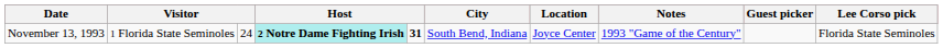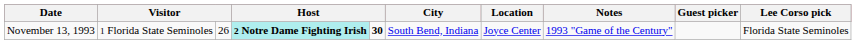 <table class="wikitable" style="text-align:center">
 <tr style="background:#A32638;"|>
 <th>Date</th>
 <th colspan=2>Visitor</th>
 <th colspan=2>Host</th>
 <th>City</th>
 <th>Location</th>
 <th>Notes</th>
 <th>Guest picker</th>
 <th>Lee Corso pick</th>
 </tr>
 <tr>
 <td>November 13, 1993</td>
 <td><small>1</small> Florida State Seminoles</td>
-<td>24</td>
+<td>26</td>
 <td style="background: paleturquoise;"><strong><small>2</small> Notre Dame Fighting Irish</strong></td>
-<td><strong>31</strong></td>
+<td><strong>30</strong></td>
 <td><a href='#'>South Bend, Indiana</a></td>
 <td><a href='#'>Joyce Center</a></td>
 <td><a href='#'>1993 "Game of the Century"</a></td>
 <td></td>
 <td>Florida State Seminoles</td>
 </tr>
 </table>
